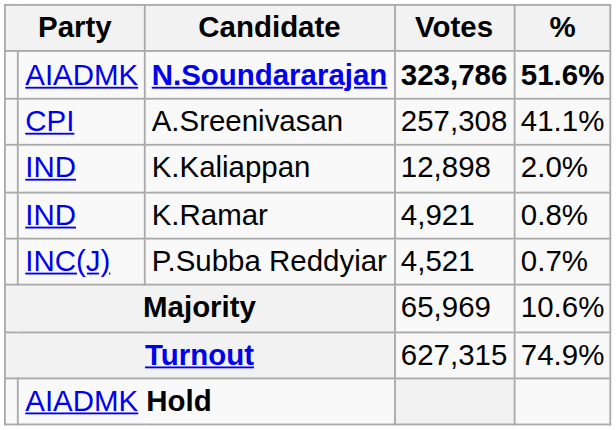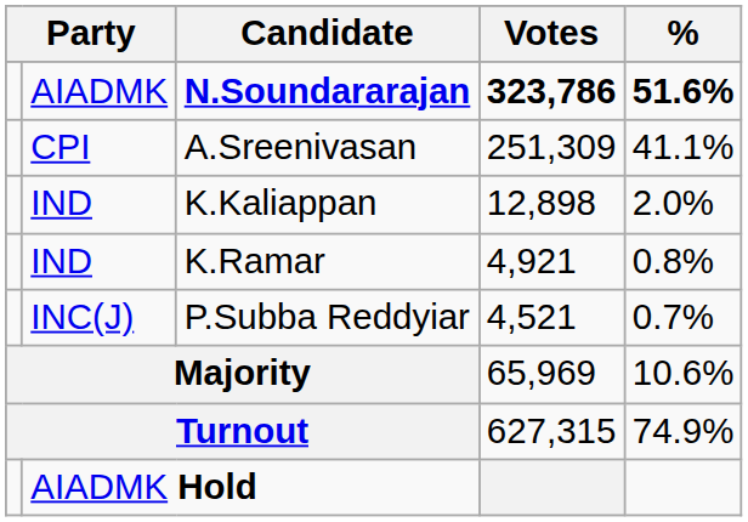 <table class="wikitable">
 <tr>
 <th colspan="2">Party</th>
 <th>Candidate</th>
 <th>Votes</th>
 <th>%</th>
 </tr>
 <tr>
 <td></td>
 <td><a href='#'>AIADMK</a></td>
 <td><strong><a href='#'>N.Soundararajan</a></strong></td>
 <td><strong>323,786</strong></td>
 <td><strong>51.6%</strong></td>
 </tr>
 <tr>
 <td></td>
 <td><a href='#'>CPI</a></td>
 <td>A.Sreenivasan</td>
-<td>257,308</td>
+<td>251,309</td>
 <td>41.1%</td>
 </tr>
 <tr>
 <td></td>
 <td><a href='#'>IND</a></td>
 <td>K.Kaliappan</td>
 <td>12,898</td>
 <td>2.0%</td>
 </tr>
 <tr>
 <td></td>
 <td><a href='#'>IND</a></td>
 <td>K.Ramar</td>
 <td>4,921</td>
 <td>0.8%</td>
 </tr>
 <tr>
 <td></td>
 <td><a href='#'>INC(J)</a></td>
 <td>P.Subba Reddyiar</td>
 <td>4,521</td>
 <td>0.7%</td>
 </tr>
 <tr>
 <th colspan="3">Majority</th>
 <td>65,969</td>
 <td>10.6%</td>
 </tr>
 <tr>
 <th colspan="3"><a href='#'>Turnout</a></th>
 <td>627,315</td>
 <td>74.9%</td>
 </tr>
 <tr>
 <td></td>
 <td colspan="2"><a href='#'>AIADMK</a> <strong>Hold</strong></td>
 <th></th>
 <td></td>
 </tr>
 </table>
